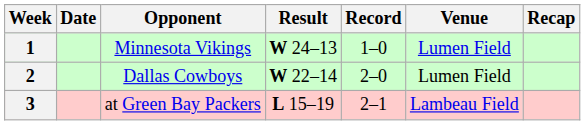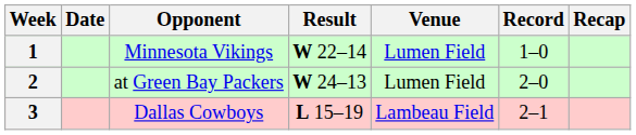 <table class="wikitable" style="text-align:center">
 <tr>
 <th>Week</th>
 <th>Date</th>
 <th>Opponent</th>
 <th>Result</th>
+<th>Venue</th>
 <th>Record</th>
-<th>Venue</th>
 <th>Recap</th>
 </tr>
 <tr style="background:#cfc">
 <th>1</th>
 <td></td>
 <td><a href='#'>Minnesota Vikings</a></td>
-<td><strong>W</strong> 24–13</td>
+<td><strong>W</strong> 22–14</td>
+<td><a href='#'>Lumen Field</a></td>
 <td>1–0</td>
-<td><a href='#'>Lumen Field</a></td>
 <td></td>
 </tr>
 <tr style="background:#cfc">
 <th>2</th>
 <td></td>
-<td><a href='#'>Dallas Cowboys</a></td>
-<td><strong>W</strong> 22–14</td>
+<td>at <a href='#'>Green Bay Packers</a></td>
+<td><strong>W</strong> 24–13</td>
+<td>Lumen Field</td>
 <td>2–0</td>
-<td>Lumen Field</td>
 <td></td>
 </tr>
 <tr style="background:#fcc">
 <th>3</th>
 <td></td>
-<td>at <a href='#'>Green Bay Packers</a></td>
+<td><a href='#'>Dallas Cowboys</a></td>
 <td><strong>L</strong> 15–19</td>
+<td><a href='#'>Lambeau Field</a></td>
 <td>2–1</td>
-<td><a href='#'>Lambeau Field</a></td>
 <td></td>
 </tr>
 </table>
